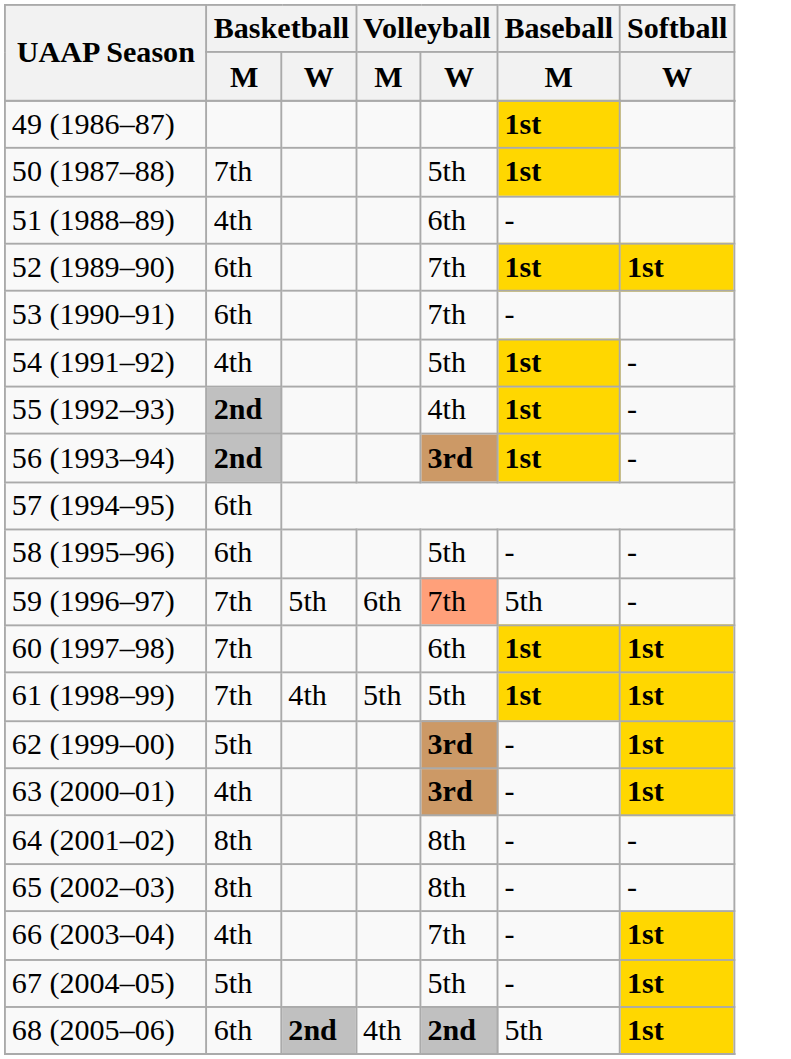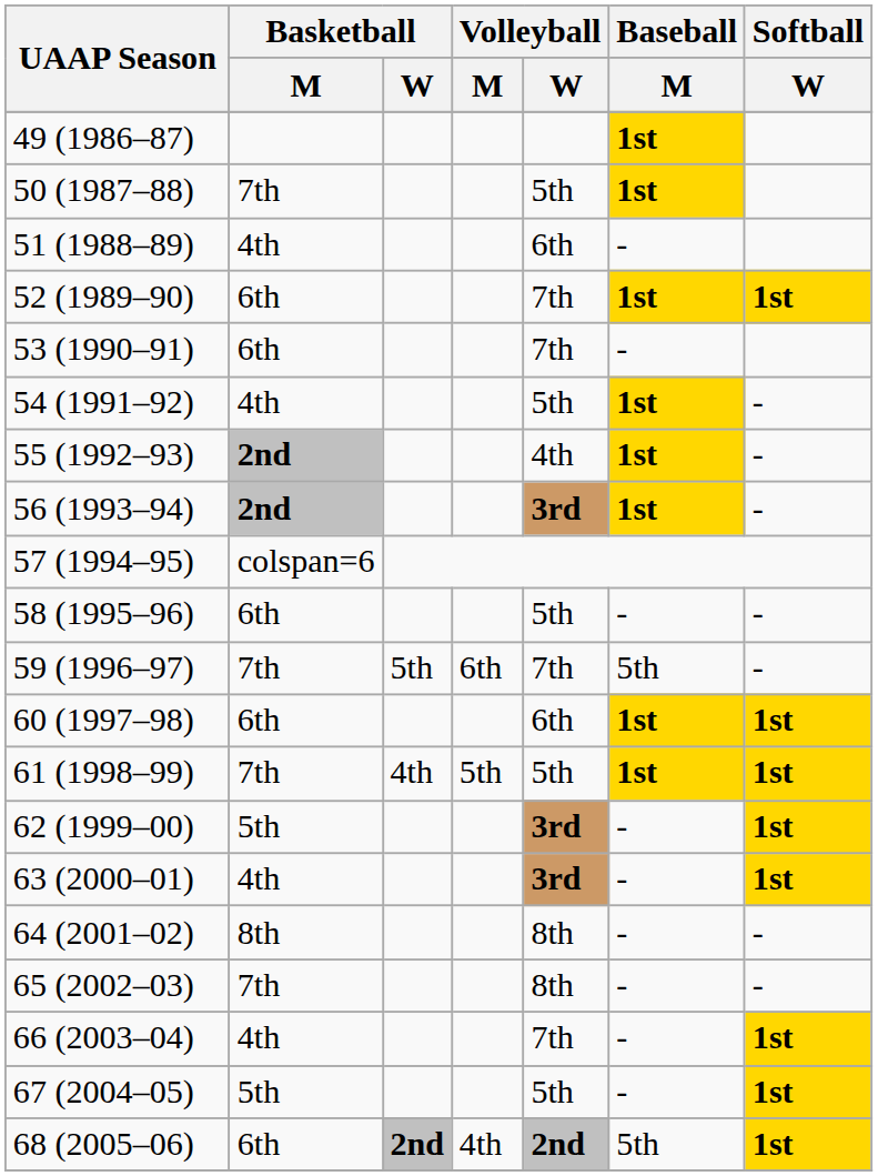 <table class=wikitable>
 <tr>
 <th rowspan="2" style="width:100px;">UAAP Season</th>
 <th colspan=2>Basketball</th>
 <th colspan=2>Volleyball</th>
 <th colspan=1>Baseball</th>
 <th colspan=1>Softball</th>
 </tr>
 <tr>
 <th>M</th>
 <th>W</th>
 <th>M</th>
 <th>W</th>
 <th>M</th>
 <th>W</th>
 </tr>
 <tr bgcolor="#FFFFFF">
 </tr>
 <tr>
 <td>49 (1986–87)</td>
 <td></td>
 <td></td>
 <td></td>
 <td></td>
 <td bgcolor="gold"><strong>1st</strong></td>
 <td></td>
 </tr>
 <tr>
 <td>50 (1987–88)</td>
 <td>7th</td>
 <td></td>
 <td></td>
 <td>5th</td>
 <td bgcolor="gold"><strong>1st</strong></td>
 <td></td>
 </tr>
 <tr>
 <td>51 (1988–89)</td>
 <td>4th</td>
 <td></td>
 <td></td>
 <td>6th</td>
 <td>-</td>
 <td></td>
 </tr>
 <tr>
 <td>52 (1989–90)</td>
 <td>6th</td>
 <td></td>
 <td></td>
 <td>7th</td>
 <td bgcolor="gold"><strong>1st</strong></td>
 <td bgcolor="gold"><strong>1st</strong></td>
 </tr>
 <tr>
 <td>53 (1990–91)</td>
 <td>6th</td>
 <td></td>
 <td></td>
 <td>7th</td>
 <td>-</td>
 <td></td>
 </tr>
 <tr>
 <td>54 (1991–92)</td>
 <td>4th</td>
 <td></td>
 <td></td>
 <td>5th</td>
 <td bgcolor="gold"><strong>1st</strong></td>
 <td>-</td>
 </tr>
 <tr>
 <td>55 (1992–93)</td>
 <td bgcolor="silver"><strong>2nd</strong></td>
 <td></td>
 <td></td>
 <td>4th</td>
 <td bgcolor="gold"><strong>1st</strong></td>
 <td>-</td>
 </tr>
 <tr>
 <td>56 (1993–94)</td>
 <td bgcolor="silver"><strong>2nd</strong></td>
 <td></td>
 <td></td>
 <td bgcolor="CC9966"><strong>3rd</strong></td>
 <td bgcolor="gold"><strong>1st</strong></td>
 <td>-</td>
 </tr>
 <tr>
 <td>57 (1994–95)</td>
-<td>6th</td>
+<td>colspan=6 </td>
 </tr>
 <tr>
 <td>58 (1995–96)</td>
 <td>6th</td>
 <td></td>
 <td></td>
 <td>5th</td>
 <td>-</td>
 <td>-</td>
 </tr>
 <tr>
 <td>59 (1996–97)</td>
 <td>7th</td>
 <td>5th</td>
 <td>6th</td>
-<td style="background: lightsalmon;">7th</td>
+<td>7th</td>
 <td>5th</td>
 <td>-</td>
 </tr>
 <tr>
 <td>60 (1997–98)</td>
-<td>7th</td>
+<td>6th</td>
 <td></td>
 <td></td>
 <td>6th</td>
 <td bgcolor="gold"><strong>1st</strong></td>
 <td bgcolor="gold"><strong>1st</strong></td>
 </tr>
 <tr>
 <td>61 (1998–99)</td>
 <td>7th</td>
 <td>4th</td>
 <td>5th</td>
 <td>5th</td>
 <td bgcolor="gold"><strong>1st</strong></td>
 <td bgcolor="gold"><strong>1st</strong></td>
 </tr>
 <tr>
 <td>62 (1999–00)</td>
 <td>5th</td>
 <td></td>
 <td></td>
 <td bgcolor="CC9966"><strong>3rd</strong></td>
 <td>-</td>
 <td bgcolor="gold"><strong>1st</strong></td>
 </tr>
 <tr>
 <td>63 (2000–01)</td>
 <td>4th</td>
 <td></td>
 <td></td>
 <td bgcolor="CC9966"><strong>3rd</strong></td>
 <td>-</td>
 <td bgcolor="gold"><strong>1st</strong></td>
 </tr>
 <tr>
 <td>64 (2001–02)</td>
 <td>8th</td>
 <td></td>
 <td></td>
 <td>8th</td>
 <td>-</td>
 <td>-</td>
 </tr>
 <tr>
 <td>65 (2002–03)</td>
-<td>8th</td>
+<td>7th</td>
 <td></td>
 <td></td>
 <td>8th</td>
 <td>-</td>
 <td>-</td>
 </tr>
 <tr>
 <td>66 (2003–04)</td>
 <td>4th</td>
 <td></td>
 <td></td>
 <td>7th</td>
 <td>-</td>
 <td bgcolor="gold"><strong>1st</strong></td>
 </tr>
 <tr>
 <td>67 (2004–05)</td>
 <td>5th</td>
 <td></td>
 <td></td>
 <td>5th</td>
 <td>-</td>
 <td bgcolor="gold"><strong>1st</strong></td>
 </tr>
 <tr>
 <td>68 (2005–06)</td>
 <td>6th</td>
 <td bgcolor="silver"><strong>2nd</strong></td>
 <td>4th</td>
 <td bgcolor="silver"><strong>2nd</strong></td>
 <td>5th</td>
 <td bgcolor="gold"><strong>1st</strong></td>
 </tr>
 <tr>
 </tr>
 </table>
